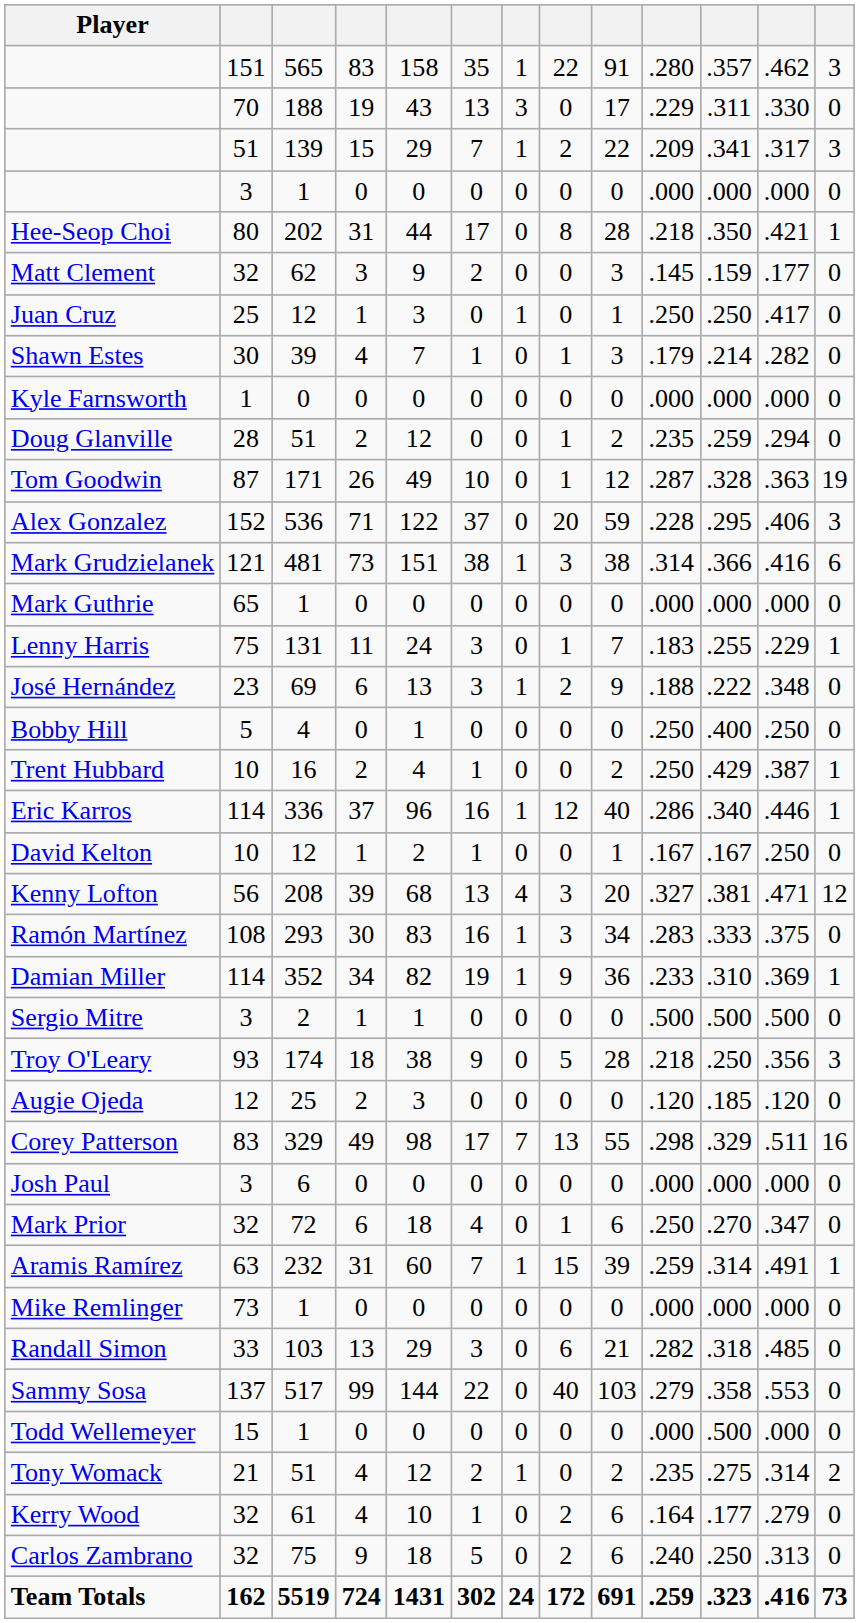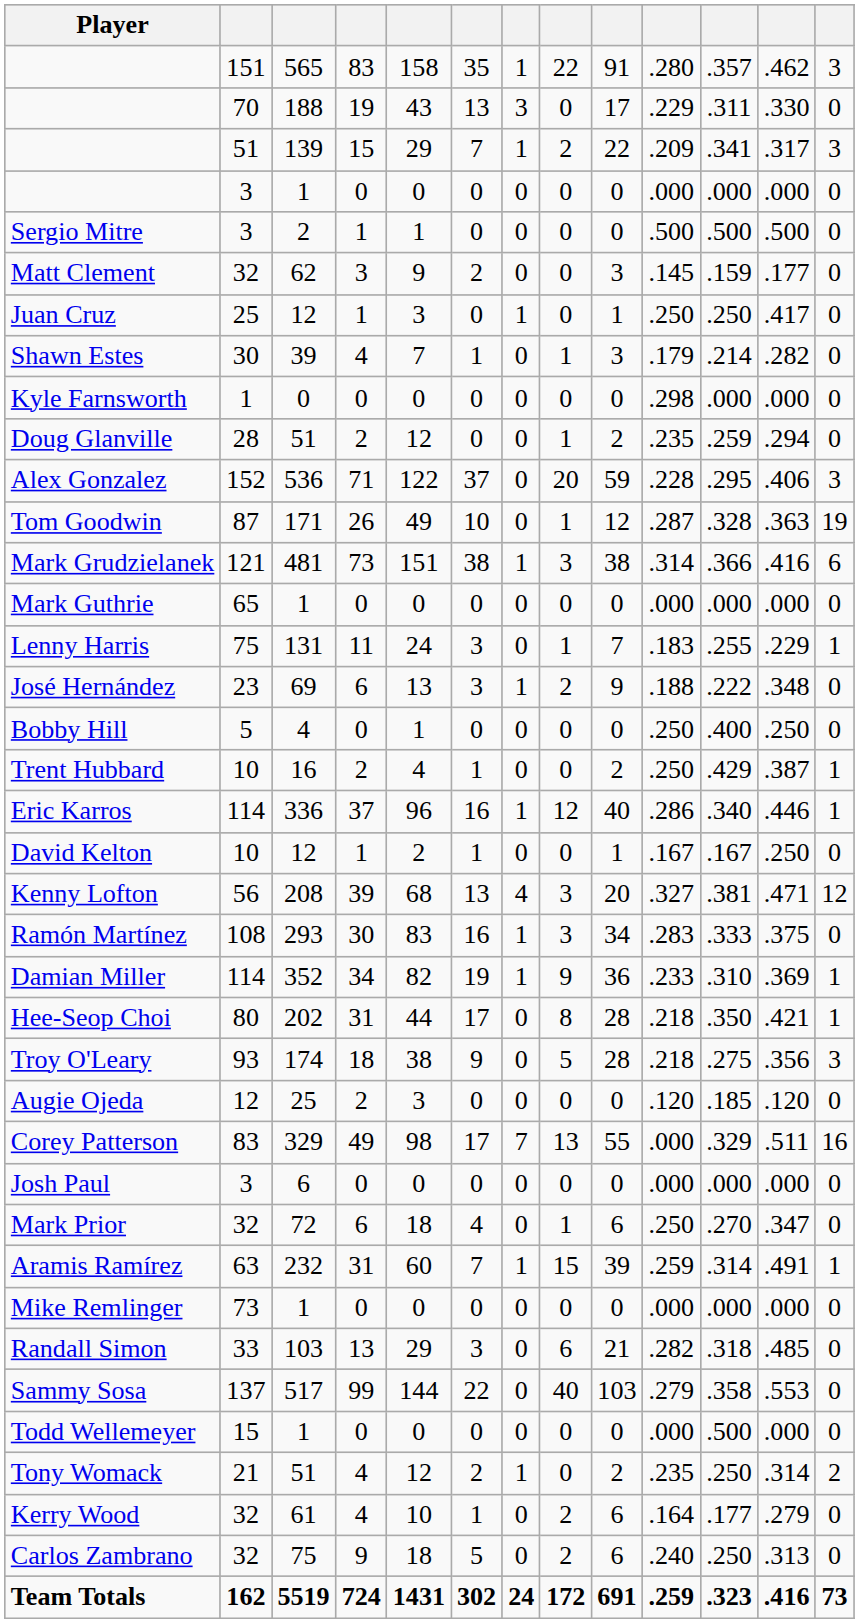 <table class="wikitable sortable" style="text-align:center;">
 <tr>
 <th>Player</th>
 <th></th>
 <th></th>
 <th></th>
 <th></th>
 <th></th>
 <th></th>
 <th></th>
 <th></th>
 <th></th>
 <th></th>
 <th></th>
 <th></th>
 </tr>
 <tr>
 <td align=left></td>
 <td>151</td>
 <td>565</td>
 <td>83</td>
 <td>158</td>
 <td>35</td>
 <td>1</td>
 <td>22</td>
 <td>91</td>
 <td>.280</td>
 <td>.357</td>
 <td>.462</td>
 <td>3</td>
 </tr>
 <tr>
 <td align=left></td>
 <td>70</td>
 <td>188</td>
 <td>19</td>
 <td>43</td>
 <td>13</td>
 <td>3</td>
 <td>0</td>
 <td>17</td>
 <td>.229</td>
 <td>.311</td>
 <td>.330</td>
 <td>0</td>
 </tr>
 <tr>
 <td align=left></td>
 <td>51</td>
 <td>139</td>
 <td>15</td>
 <td>29</td>
 <td>7</td>
 <td>1</td>
 <td>2</td>
 <td>22</td>
 <td>.209</td>
 <td>.341</td>
 <td>.317</td>
 <td>3</td>
 </tr>
 <tr>
 <td align=left></td>
 <td>3</td>
 <td>1</td>
 <td>0</td>
 <td>0</td>
 <td>0</td>
 <td>0</td>
 <td>0</td>
 <td>0</td>
 <td>.000</td>
 <td>.000</td>
 <td>.000</td>
 <td>0</td>
 </tr>
 <tr>
-<td align="left"><a href='#'>Hee-Seop Choi</a></td>
-<td>80</td>
-<td>202</td>
-<td>31</td>
-<td>44</td>
-<td>17</td>
+<td align="left"><a href='#'>Sergio Mitre</a></td>
+<td>3</td>
+<td>2</td>
+<td>1</td>
+<td>1</td>
 <td>0</td>
-<td>8</td>
-<td>28</td>
-<td>.218</td>
-<td>.350</td>
-<td>.421</td>
-<td>1</td>
+<td>0</td>
+<td>0</td>
+<td>0</td>
+<td>.500</td>
+<td>.500</td>
+<td>.500</td>
+<td>0</td>
 </tr>
 <tr>
 <td align="left"><a href='#'>Matt Clement</a></td>
 <td>32</td>
 <td>62</td>
 <td>3</td>
 <td>9</td>
 <td>2</td>
 <td>0</td>
 <td>0</td>
 <td>3</td>
 <td>.145</td>
 <td>.159</td>
 <td>.177</td>
 <td>0</td>
 </tr>
 <tr>
 <td align="left"><a href='#'>Juan Cruz</a></td>
 <td>25</td>
 <td>12</td>
 <td>1</td>
 <td>3</td>
 <td>0</td>
 <td>1</td>
 <td>0</td>
 <td>1</td>
 <td>.250</td>
 <td>.250</td>
 <td>.417</td>
 <td>0</td>
 </tr>
 <tr>
 <td align="left"><a href='#'>Shawn Estes</a></td>
 <td>30</td>
 <td>39</td>
 <td>4</td>
 <td>7</td>
 <td>1</td>
 <td>0</td>
 <td>1</td>
 <td>3</td>
 <td>.179</td>
 <td>.214</td>
 <td>.282</td>
 <td>0</td>
 </tr>
 <tr>
 <td align="left"><a href='#'>Kyle Farnsworth</a></td>
 <td>1</td>
 <td>0</td>
 <td>0</td>
 <td>0</td>
 <td>0</td>
 <td>0</td>
 <td>0</td>
 <td>0</td>
-<td>.000</td>
+<td>.298</td>
 <td>.000</td>
 <td>.000</td>
 <td>0</td>
 </tr>
 <tr>
 <td align="left"><a href='#'>Doug Glanville</a></td>
 <td>28</td>
 <td>51</td>
 <td>2</td>
 <td>12</td>
 <td>0</td>
 <td>0</td>
 <td>1</td>
 <td>2</td>
 <td>.235</td>
 <td>.259</td>
 <td>.294</td>
 <td>0</td>
 </tr>
 <tr>
+<td align="left"><a href='#'>Alex Gonzalez</a></td>
+<td>152</td>
+<td>536</td>
+<td>71</td>
+<td>122</td>
+<td>37</td>
+<td>0</td>
+<td>20</td>
+<td>59</td>
+<td>.228</td>
+<td>.295</td>
+<td>.406</td>
+<td>3</td>
+</tr>
+<tr>
 <td align="left"><a href='#'>Tom Goodwin</a></td>
 <td>87</td>
 <td>171</td>
 <td>26</td>
 <td>49</td>
 <td>10</td>
 <td>0</td>
 <td>1</td>
 <td>12</td>
 <td>.287</td>
 <td>.328</td>
 <td>.363</td>
 <td>19</td>
-</tr>
-<tr>
-<td align="left"><a href='#'>Alex Gonzalez</a></td>
-<td>152</td>
-<td>536</td>
-<td>71</td>
-<td>122</td>
-<td>37</td>
-<td>0</td>
-<td>20</td>
-<td>59</td>
-<td>.228</td>
-<td>.295</td>
-<td>.406</td>
-<td>3</td>
 </tr>
 <tr>
 <td align="left"><a href='#'>Mark Grudzielanek</a></td>
 <td>121</td>
 <td>481</td>
 <td>73</td>
 <td>151</td>
 <td>38</td>
 <td>1</td>
 <td>3</td>
 <td>38</td>
 <td>.314</td>
 <td>.366</td>
 <td>.416</td>
 <td>6</td>
 </tr>
 <tr>
 <td align="left"><a href='#'>Mark Guthrie</a></td>
 <td>65</td>
 <td>1</td>
 <td>0</td>
 <td>0</td>
 <td>0</td>
 <td>0</td>
 <td>0</td>
 <td>0</td>
 <td>.000</td>
 <td>.000</td>
 <td>.000</td>
 <td>0</td>
 </tr>
 <tr>
 <td align="left"><a href='#'>Lenny Harris</a></td>
 <td>75</td>
 <td>131</td>
 <td>11</td>
 <td>24</td>
 <td>3</td>
 <td>0</td>
 <td>1</td>
 <td>7</td>
 <td>.183</td>
 <td>.255</td>
 <td>.229</td>
 <td>1</td>
 </tr>
 <tr>
 <td align="left"><a href='#'>José Hernández</a></td>
 <td>23</td>
 <td>69</td>
 <td>6</td>
 <td>13</td>
 <td>3</td>
 <td>1</td>
 <td>2</td>
 <td>9</td>
 <td>.188</td>
 <td>.222</td>
 <td>.348</td>
 <td>0</td>
 </tr>
 <tr>
 <td align="left"><a href='#'>Bobby Hill</a></td>
 <td>5</td>
 <td>4</td>
 <td>0</td>
 <td>1</td>
 <td>0</td>
 <td>0</td>
 <td>0</td>
 <td>0</td>
 <td>.250</td>
 <td>.400</td>
 <td>.250</td>
 <td>0</td>
 </tr>
 <tr>
 <td align="left"><a href='#'>Trent Hubbard</a></td>
 <td>10</td>
 <td>16</td>
 <td>2</td>
 <td>4</td>
 <td>1</td>
 <td>0</td>
 <td>0</td>
 <td>2</td>
 <td>.250</td>
 <td>.429</td>
 <td>.387</td>
 <td>1</td>
 </tr>
 <tr>
 <td align="left"><a href='#'>Eric Karros</a></td>
 <td>114</td>
 <td>336</td>
 <td>37</td>
 <td>96</td>
 <td>16</td>
 <td>1</td>
 <td>12</td>
 <td>40</td>
 <td>.286</td>
 <td>.340</td>
 <td>.446</td>
 <td>1</td>
 </tr>
 <tr>
 <td align="left"><a href='#'>David Kelton</a></td>
 <td>10</td>
 <td>12</td>
 <td>1</td>
 <td>2</td>
 <td>1</td>
 <td>0</td>
 <td>0</td>
 <td>1</td>
 <td>.167</td>
 <td>.167</td>
 <td>.250</td>
 <td>0</td>
 </tr>
 <tr>
 <td align="left"><a href='#'>Kenny Lofton</a></td>
 <td>56</td>
 <td>208</td>
 <td>39</td>
 <td>68</td>
 <td>13</td>
 <td>4</td>
 <td>3</td>
 <td>20</td>
 <td>.327</td>
 <td>.381</td>
 <td>.471</td>
 <td>12</td>
 </tr>
 <tr>
 <td align="left"><a href='#'>Ramón Martínez</a></td>
 <td>108</td>
 <td>293</td>
 <td>30</td>
 <td>83</td>
 <td>16</td>
 <td>1</td>
 <td>3</td>
 <td>34</td>
 <td>.283</td>
 <td>.333</td>
 <td>.375</td>
 <td>0</td>
 </tr>
 <tr>
 <td align="left"><a href='#'>Damian Miller</a></td>
 <td>114</td>
 <td>352</td>
 <td>34</td>
 <td>82</td>
 <td>19</td>
 <td>1</td>
 <td>9</td>
 <td>36</td>
 <td>.233</td>
 <td>.310</td>
 <td>.369</td>
 <td>1</td>
 </tr>
 <tr>
-<td align="left"><a href='#'>Sergio Mitre</a></td>
-<td>3</td>
-<td>2</td>
+<td align="left"><a href='#'>Hee-Seop Choi</a></td>
+<td>80</td>
+<td>202</td>
+<td>31</td>
+<td>44</td>
+<td>17</td>
+<td>0</td>
+<td>8</td>
+<td>28</td>
+<td>.218</td>
+<td>.350</td>
+<td>.421</td>
 <td>1</td>
-<td>1</td>
-<td>0</td>
-<td>0</td>
-<td>0</td>
-<td>0</td>
-<td>.500</td>
-<td>.500</td>
-<td>.500</td>
-<td>0</td>
 </tr>
 <tr>
 <td align="left"><a href='#'>Troy O'Leary</a></td>
 <td>93</td>
 <td>174</td>
 <td>18</td>
 <td>38</td>
 <td>9</td>
 <td>0</td>
 <td>5</td>
 <td>28</td>
 <td>.218</td>
-<td>.250</td>
+<td>.275</td>
 <td>.356</td>
 <td>3</td>
 </tr>
 <tr>
 <td align="left"><a href='#'>Augie Ojeda</a></td>
 <td>12</td>
 <td>25</td>
 <td>2</td>
 <td>3</td>
 <td>0</td>
 <td>0</td>
 <td>0</td>
 <td>0</td>
 <td>.120</td>
 <td>.185</td>
 <td>.120</td>
 <td>0</td>
 </tr>
 <tr>
 <td align="left"><a href='#'>Corey Patterson</a></td>
 <td>83</td>
 <td>329</td>
 <td>49</td>
 <td>98</td>
 <td>17</td>
 <td>7</td>
 <td>13</td>
 <td>55</td>
-<td>.298</td>
+<td>.000</td>
 <td>.329</td>
 <td>.511</td>
 <td>16</td>
 </tr>
 <tr>
 <td align="left"><a href='#'>Josh Paul</a></td>
 <td>3</td>
 <td>6</td>
 <td>0</td>
 <td>0</td>
 <td>0</td>
 <td>0</td>
 <td>0</td>
 <td>0</td>
 <td>.000</td>
 <td>.000</td>
 <td>.000</td>
 <td>0</td>
 </tr>
 <tr>
 <td align="left"><a href='#'>Mark Prior</a></td>
 <td>32</td>
 <td>72</td>
 <td>6</td>
 <td>18</td>
 <td>4</td>
 <td>0</td>
 <td>1</td>
 <td>6</td>
 <td>.250</td>
 <td>.270</td>
 <td>.347</td>
 <td>0</td>
 </tr>
 <tr>
 <td align="left"><a href='#'>Aramis Ramírez</a></td>
 <td>63</td>
 <td>232</td>
 <td>31</td>
 <td>60</td>
 <td>7</td>
 <td>1</td>
 <td>15</td>
 <td>39</td>
 <td>.259</td>
 <td>.314</td>
 <td>.491</td>
 <td>1</td>
 </tr>
 <tr>
 <td align="left"><a href='#'>Mike Remlinger</a></td>
 <td>73</td>
 <td>1</td>
 <td>0</td>
 <td>0</td>
 <td>0</td>
 <td>0</td>
 <td>0</td>
 <td>0</td>
 <td>.000</td>
 <td>.000</td>
 <td>.000</td>
 <td>0</td>
 </tr>
 <tr>
 <td align="left"><a href='#'>Randall Simon</a></td>
 <td>33</td>
 <td>103</td>
 <td>13</td>
 <td>29</td>
 <td>3</td>
 <td>0</td>
 <td>6</td>
 <td>21</td>
 <td>.282</td>
 <td>.318</td>
 <td>.485</td>
 <td>0</td>
 </tr>
 <tr>
 <td align="left"><a href='#'>Sammy Sosa</a></td>
 <td>137</td>
 <td>517</td>
 <td>99</td>
 <td>144</td>
 <td>22</td>
 <td>0</td>
 <td>40</td>
 <td>103</td>
 <td>.279</td>
 <td>.358</td>
 <td>.553</td>
 <td>0</td>
 </tr>
 <tr>
 <td align="left"><a href='#'>Todd Wellemeyer</a></td>
 <td>15</td>
 <td>1</td>
 <td>0</td>
 <td>0</td>
 <td>0</td>
 <td>0</td>
 <td>0</td>
 <td>0</td>
 <td>.000</td>
 <td>.500</td>
 <td>.000</td>
 <td>0</td>
 </tr>
 <tr>
 <td align="left"><a href='#'>Tony Womack</a></td>
 <td>21</td>
 <td>51</td>
 <td>4</td>
 <td>12</td>
 <td>2</td>
 <td>1</td>
 <td>0</td>
 <td>2</td>
 <td>.235</td>
-<td>.275</td>
+<td>.250</td>
 <td>.314</td>
 <td>2</td>
 </tr>
 <tr>
 <td align="left"><a href='#'>Kerry Wood</a></td>
 <td>32</td>
 <td>61</td>
 <td>4</td>
 <td>10</td>
 <td>1</td>
 <td>0</td>
 <td>2</td>
 <td>6</td>
 <td>.164</td>
 <td>.177</td>
 <td>.279</td>
 <td>0</td>
 </tr>
 <tr>
 <td align="left"><a href='#'>Carlos Zambrano</a></td>
 <td>32</td>
 <td>75</td>
 <td>9</td>
 <td>18</td>
 <td>5</td>
 <td>0</td>
 <td>2</td>
 <td>6</td>
 <td>.240</td>
 <td>.250</td>
 <td>.313</td>
 <td>0</td>
 </tr>
 <tr>
 <td align="left"><strong>Team Totals</strong></td>
 <td><strong>162</strong></td>
 <td><strong>5519</strong></td>
 <td><strong>724</strong></td>
 <td><strong>1431</strong></td>
 <td><strong>302</strong></td>
 <td><strong>24</strong></td>
 <td><strong>172</strong></td>
 <td><strong>691</strong></td>
 <td><strong>.259</strong></td>
 <td><strong>.323</strong></td>
 <td><strong>.416</strong></td>
 <td><strong>73</strong></td>
 </tr>
 <tr class="sortbottom|}">
 </tr>
 </table>
